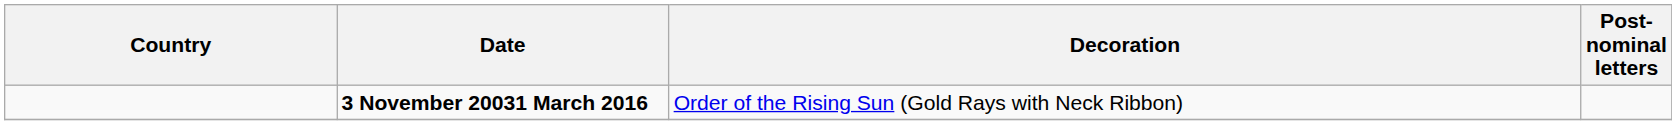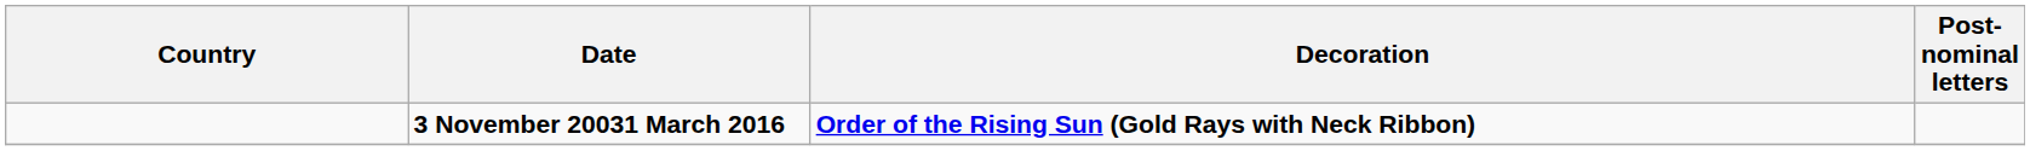 <table class="wikitable" style="width:100%;">
 <tr>
 <th style="width:20%;">Country</th>
 <th style="width:20%;">Date</th>
 <th style="width:55%;">Decoration</th>
 <th style="width:5%;">Post-nominal letters</th>
 </tr>
 <tr>
 <td></td>
 <td><strong>3 November 20031 March 2016</strong></td>
-<td><a href='#'>Order of the Rising Sun</a> (Gold Rays with Neck Ribbon)</td>
+<td><strong><a href='#'>Order of the Rising Sun</a> (Gold Rays with Neck Ribbon)</strong></td>
 <td></td>
 </tr>
 <tr>
 </tr>
 </table>
